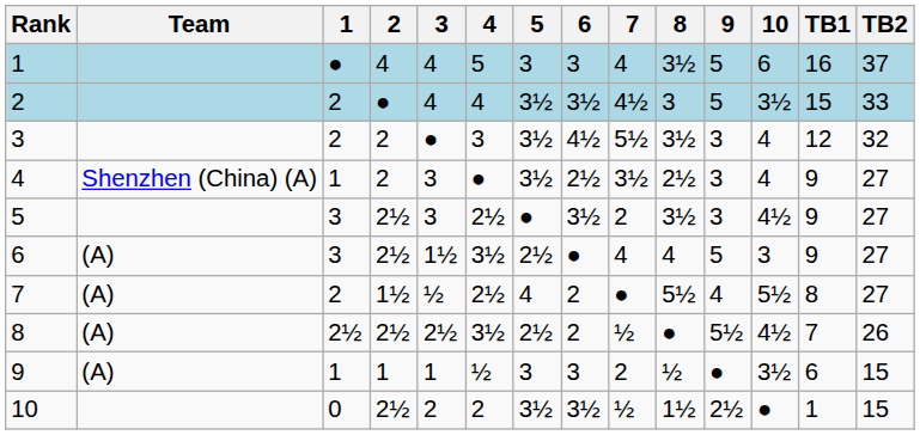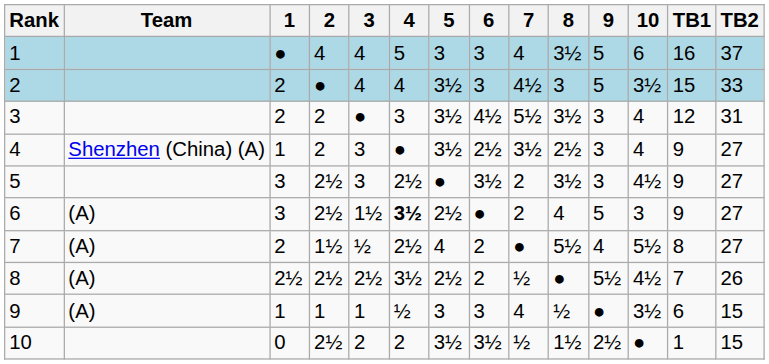 <table class="wikitable">
 <tr>
 <th>Rank</th>
 <th>Team</th>
 <th style="width:1.5em;">1</th>
 <th style="width:1.5em;">2</th>
 <th style="width:1.5em;">3</th>
 <th style="width:1.5em;">4</th>
 <th style="width:1.5em;">5</th>
 <th style="width:1.5em;">6</th>
 <th style="width:1.5em;">7</th>
 <th style="width:1.5em;">8</th>
 <th style="width:1.5em;">9</th>
 <th style="width:1.5em;">10</th>
 <th>TB1</th>
 <th>TB2</th>
 </tr>
 <tr style="background:lightblue">
 <td>1</td>
 <td></td>
 <td>●</td>
 <td>4</td>
 <td>4</td>
 <td>5</td>
 <td>3</td>
 <td>3</td>
 <td>4</td>
 <td>3½</td>
 <td>5</td>
 <td>6</td>
 <td>16</td>
 <td>37</td>
 </tr>
 <tr style="background:lightblue">
 <td>2</td>
 <td></td>
 <td>2</td>
 <td>●</td>
 <td>4</td>
 <td>4</td>
 <td>3½</td>
-<td>3½</td>
+<td>3</td>
 <td>4½</td>
 <td>3</td>
 <td>5</td>
 <td>3½</td>
 <td>15</td>
 <td>33</td>
 </tr>
 <tr>
 <td>3</td>
 <td></td>
 <td>2</td>
 <td>2</td>
 <td>●</td>
 <td>3</td>
 <td>3½</td>
 <td>4½</td>
 <td>5½</td>
 <td>3½</td>
 <td>3</td>
 <td>4</td>
 <td>12</td>
-<td>32</td>
+<td>31</td>
 </tr>
 <tr>
 <td>4</td>
 <td> <a href='#'>Shenzhen</a> (China) (A)</td>
 <td>1</td>
 <td>2</td>
 <td>3</td>
 <td>●</td>
 <td>3½</td>
 <td>2½</td>
 <td>3½</td>
 <td>2½</td>
 <td>3</td>
 <td>4</td>
 <td>9</td>
 <td>27</td>
 </tr>
 <tr>
 <td>5</td>
 <td></td>
 <td>3</td>
 <td>2½</td>
 <td>3</td>
 <td>2½</td>
 <td>●</td>
 <td>3½</td>
 <td>2</td>
 <td>3½</td>
 <td>3</td>
 <td>4½</td>
 <td>9</td>
 <td>27</td>
 </tr>
 <tr>
 <td>6</td>
 <td> (A)</td>
 <td>3</td>
 <td>2½</td>
 <td>1½</td>
-<td>3½</td>
+<td><strong>3½</strong></td>
 <td>2½</td>
 <td>●</td>
-<td>4</td>
+<td>2</td>
 <td>4</td>
 <td>5</td>
 <td>3</td>
 <td>9</td>
 <td>27</td>
 </tr>
 <tr>
 <td>7</td>
 <td> (A)</td>
 <td>2</td>
 <td>1½</td>
 <td>½</td>
 <td>2½</td>
 <td>4</td>
 <td>2</td>
 <td>●</td>
 <td>5½</td>
 <td>4</td>
 <td>5½</td>
 <td>8</td>
 <td>27</td>
 </tr>
 <tr>
 <td>8</td>
 <td> (A)</td>
 <td>2½</td>
 <td>2½</td>
 <td>2½</td>
 <td>3½</td>
 <td>2½</td>
 <td>2</td>
 <td>½</td>
 <td>●</td>
 <td>5½</td>
 <td>4½</td>
 <td>7</td>
 <td>26</td>
 </tr>
 <tr>
 <td>9</td>
 <td> (A)</td>
 <td>1</td>
 <td>1</td>
 <td>1</td>
 <td>½</td>
 <td>3</td>
 <td>3</td>
-<td>2</td>
+<td>4</td>
 <td>½</td>
 <td>●</td>
 <td>3½</td>
 <td>6</td>
 <td>15</td>
 </tr>
 <tr>
 <td>10</td>
 <td></td>
 <td>0</td>
 <td>2½</td>
 <td>2</td>
 <td>2</td>
 <td>3½</td>
 <td>3½</td>
 <td>½</td>
 <td>1½</td>
 <td>2½</td>
 <td>●</td>
 <td>1</td>
 <td>15</td>
 </tr>
 </table>
